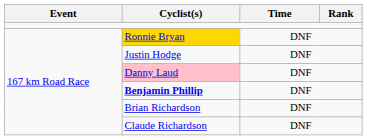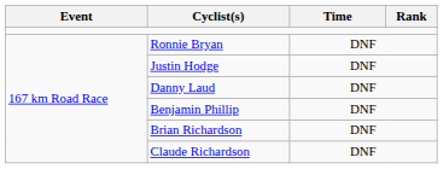 <table class=wikitable style="font-size:90%">
 <tr>
 <th width=150>Event</th>
 <th width=150>Cyclist(s)</th>
 <th width=100>Time</th>
 <th width=50>Rank</th>
 </tr>
 <tr>
 <td colspan=4 height=1></td>
 </tr>
 <tr>
 <td rowspan="6"><a href='#'>167 km Road Race</a></td>
-<td style="background: gold;"><a href='#'>Ronnie Bryan</a></td>
+<td><a href='#'>Ronnie Bryan</a></td>
 <td colspan=2 style="text-align:center;">DNF</td>
 </tr>
 <tr>
 <td><a href='#'>Justin Hodge</a></td>
 <td colspan=2 style="text-align:center;">DNF</td>
 </tr>
 <tr>
-<td style="background: pink;"><a href='#'>Danny Laud</a></td>
+<td><a href='#'>Danny Laud</a></td>
 <td colspan=2 style="text-align:center;">DNF</td>
 </tr>
 <tr>
-<td><strong><a href='#'>Benjamin Phillip</a></strong></td>
+<td><a href='#'>Benjamin Phillip</a></td>
 <td colspan=2 style="text-align:center;">DNF</td>
 </tr>
 <tr>
 <td><a href='#'>Brian Richardson</a></td>
 <td colspan=2 style="text-align:center;">DNF</td>
 </tr>
 <tr>
 <td><a href='#'>Claude Richardson</a></td>
 <td colspan=2 style="text-align:center;">DNF</td>
 </tr>
 </table>
